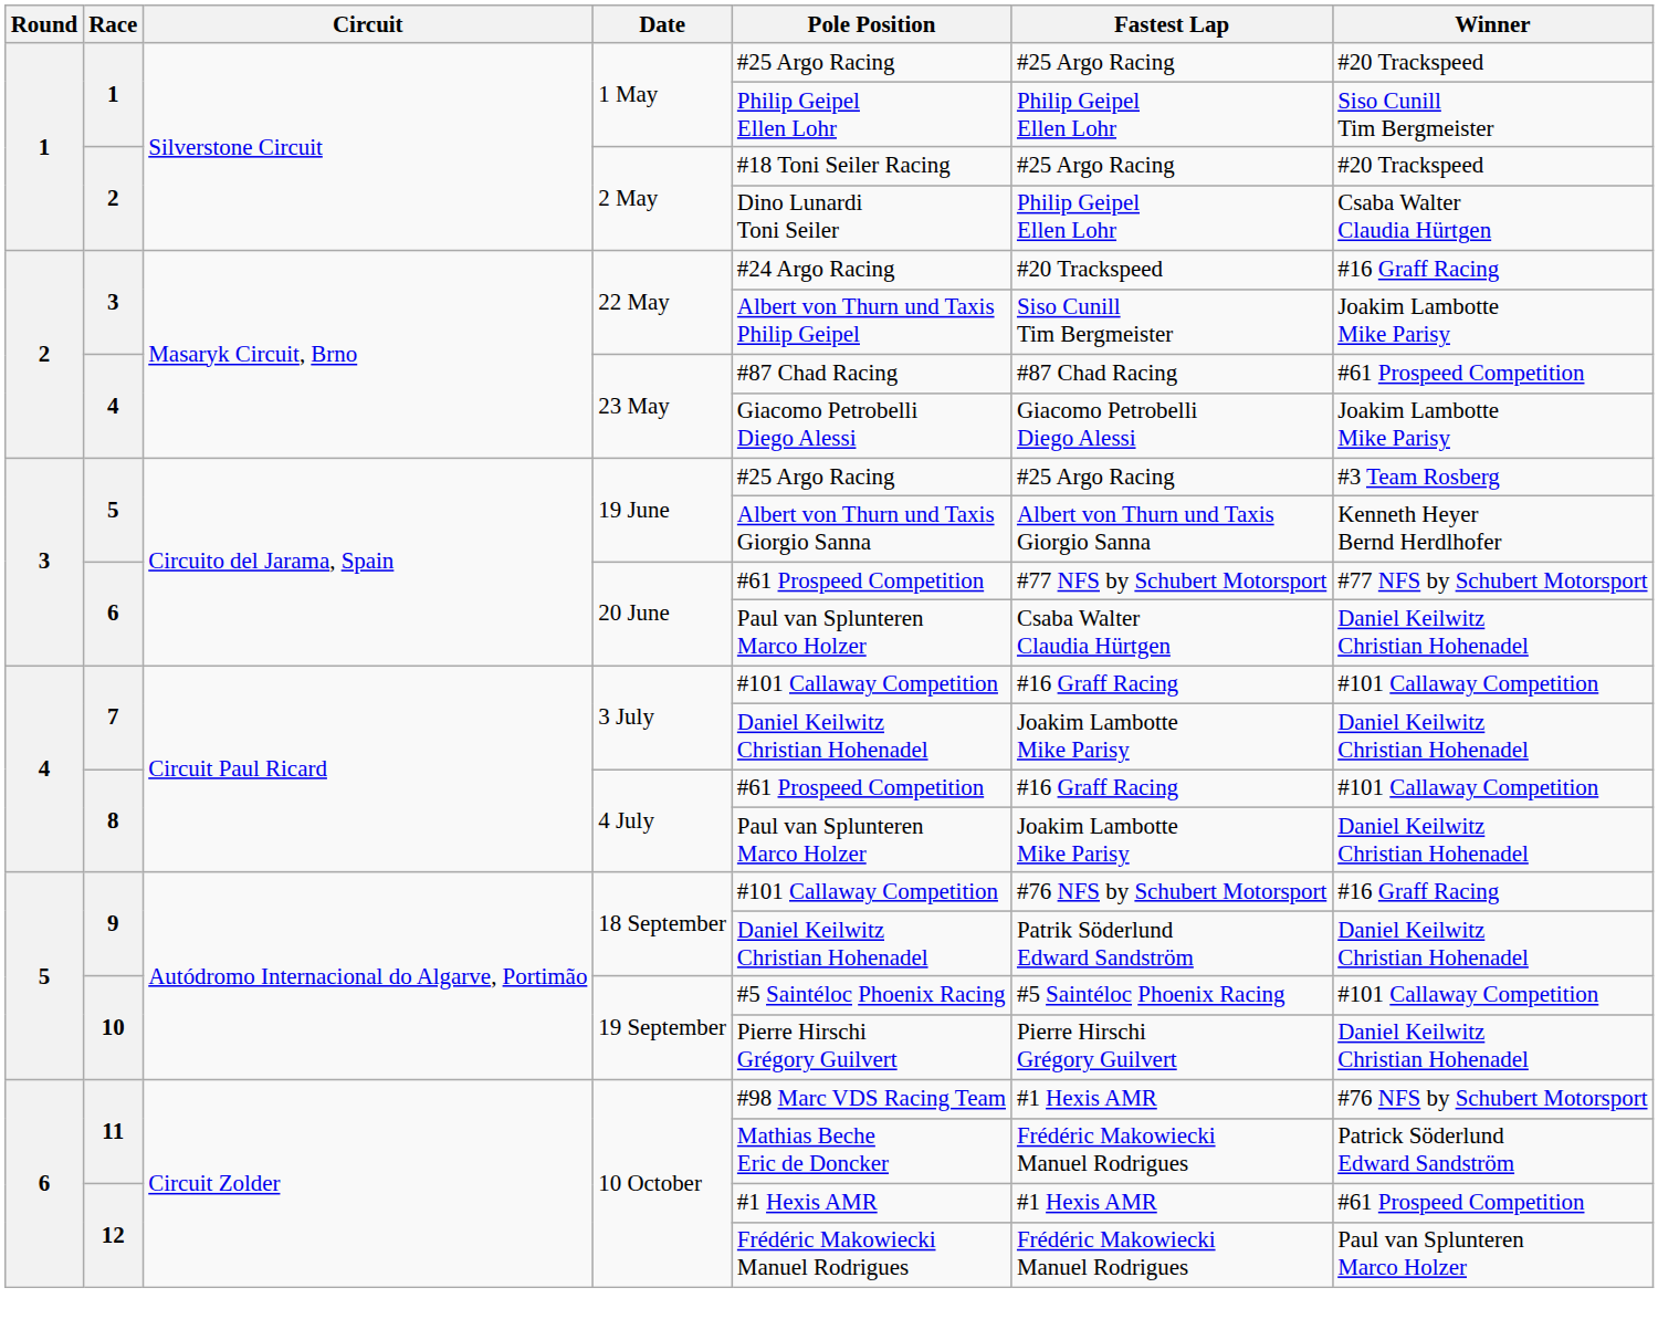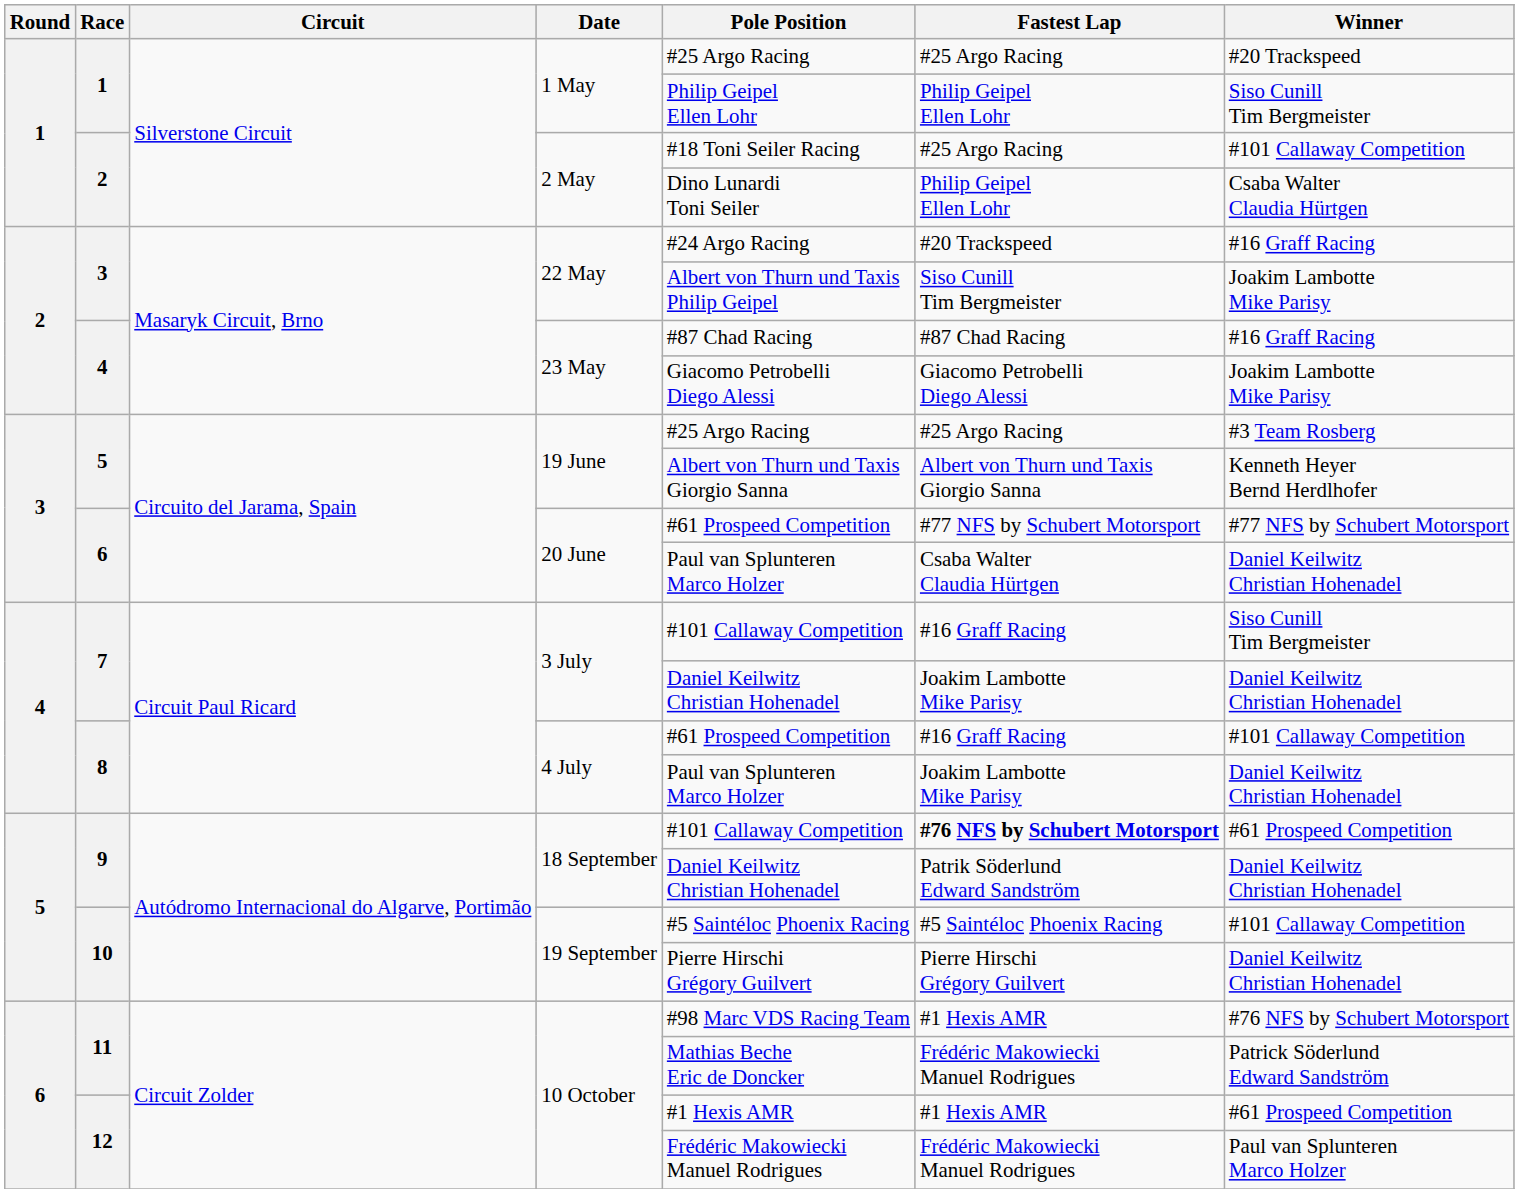 <table class="wikitable" style="font-size: 85%;">
 <tr>
 <th>Round</th>
 <th>Race</th>
 <th>Circuit</th>
 <th>Date</th>
 <th>Pole Position</th>
 <th>Fastest Lap</th>
 <th>Winner</th>
 </tr>
 <tr>
 <th rowspan=4>1</th>
 <th rowspan=2>1</th>
 <td rowspan=4> <a href='#'>Silverstone Circuit</a></td>
 <td rowspan=2>1 May</td>
 <td>#25 Argo Racing</td>
 <td>#25 Argo Racing</td>
 <td>#20 Trackspeed</td>
 </tr>
 <tr>
 <td> <a href='#'>Philip Geipel</a><br> <a href='#'>Ellen Lohr</a></td>
 <td> <a href='#'>Philip Geipel</a><br> <a href='#'>Ellen Lohr</a></td>
 <td> <a href='#'>Siso Cunill</a><br> Tim Bergmeister</td>
 </tr>
 <tr>
 <th rowspan=2>2</th>
 <td rowspan=2>2 May</td>
 <td>#18 Toni Seiler Racing</td>
 <td>#25 Argo Racing</td>
-<td>#20 Trackspeed</td>
+<td>#101 <a href='#'>Callaway Competition</a></td>
 </tr>
 <tr>
 <td> Dino Lunardi<br> Toni Seiler</td>
 <td> <a href='#'>Philip Geipel</a><br> <a href='#'>Ellen Lohr</a></td>
 <td> Csaba Walter<br> <a href='#'>Claudia Hürtgen</a></td>
 </tr>
 <tr>
 <th rowspan=4>2</th>
 <th rowspan=2>3</th>
 <td rowspan=4> <a href='#'>Masaryk Circuit</a>, <a href='#'>Brno</a></td>
 <td rowspan=2>22 May</td>
 <td>#24 Argo Racing</td>
 <td>#20 Trackspeed</td>
 <td>#16 <a href='#'>Graff Racing</a></td>
 </tr>
 <tr>
 <td> <a href='#'>Albert von Thurn und Taxis</a><br> <a href='#'>Philip Geipel</a></td>
 <td> <a href='#'>Siso Cunill</a><br> Tim Bergmeister</td>
 <td> Joakim Lambotte<br> <a href='#'>Mike Parisy</a></td>
 </tr>
 <tr>
 <th rowspan=2>4</th>
 <td rowspan=2>23 May</td>
 <td>#87 Chad Racing</td>
 <td>#87 Chad Racing</td>
-<td>#61 <a href='#'>Prospeed Competition</a></td>
+<td>#16 <a href='#'>Graff Racing</a></td>
 </tr>
 <tr>
 <td> Giacomo Petrobelli<br> <a href='#'>Diego Alessi</a></td>
 <td> Giacomo Petrobelli<br> <a href='#'>Diego Alessi</a></td>
 <td> Joakim Lambotte<br> <a href='#'>Mike Parisy</a></td>
 </tr>
 <tr>
 <th rowspan=4>3</th>
 <th rowspan=2>5</th>
 <td rowspan=4> <a href='#'>Circuito del Jarama</a>, <a href='#'>Spain</a></td>
 <td rowspan=2>19 June</td>
 <td>#25 Argo Racing</td>
 <td>#25 Argo Racing</td>
 <td>#3 <a href='#'>Team Rosberg</a></td>
 </tr>
 <tr>
 <td> <a href='#'>Albert von Thurn und Taxis</a><br> Giorgio Sanna</td>
 <td> <a href='#'>Albert von Thurn und Taxis</a><br> Giorgio Sanna</td>
 <td> Kenneth Heyer<br> Bernd Herdlhofer</td>
 </tr>
 <tr>
 <th rowspan=2>6</th>
 <td rowspan=2>20 June</td>
 <td>#61 <a href='#'>Prospeed Competition</a></td>
 <td>#77 <a href='#'>NFS</a> by <a href='#'>Schubert Motorsport</a></td>
 <td>#77 <a href='#'>NFS</a> by <a href='#'>Schubert Motorsport</a></td>
 </tr>
 <tr>
 <td> Paul van Splunteren<br> <a href='#'>Marco Holzer</a></td>
 <td> Csaba Walter<br> <a href='#'>Claudia Hürtgen</a></td>
 <td> <a href='#'>Daniel Keilwitz</a><br> <a href='#'>Christian Hohenadel</a></td>
 </tr>
 <tr>
 <th rowspan=4>4</th>
 <th rowspan=2>7</th>
 <td rowspan=4> <a href='#'>Circuit Paul Ricard</a></td>
 <td rowspan=2>3 July</td>
 <td>#101 <a href='#'>Callaway Competition</a></td>
 <td>#16 <a href='#'>Graff Racing</a></td>
-<td>#101 <a href='#'>Callaway Competition</a></td>
+<td> <a href='#'>Siso Cunill</a><br> Tim Bergmeister</td>
 </tr>
 <tr>
 <td> <a href='#'>Daniel Keilwitz</a><br> <a href='#'>Christian Hohenadel</a></td>
 <td> Joakim Lambotte<br> <a href='#'>Mike Parisy</a></td>
 <td> <a href='#'>Daniel Keilwitz</a><br> <a href='#'>Christian Hohenadel</a></td>
 </tr>
 <tr>
 <th rowspan=2>8</th>
 <td rowspan=2>4 July</td>
 <td>#61 <a href='#'>Prospeed Competition</a></td>
 <td>#16 <a href='#'>Graff Racing</a></td>
 <td>#101 <a href='#'>Callaway Competition</a></td>
 </tr>
 <tr>
 <td> Paul van Splunteren<br> <a href='#'>Marco Holzer</a></td>
 <td> Joakim Lambotte<br> <a href='#'>Mike Parisy</a></td>
 <td> <a href='#'>Daniel Keilwitz</a><br> <a href='#'>Christian Hohenadel</a></td>
 </tr>
 <tr>
 <th rowspan=4>5</th>
 <th rowspan=2>9</th>
 <td rowspan=4> <a href='#'>Autódromo Internacional do Algarve</a>, <a href='#'>Portimão</a></td>
 <td rowspan=2>18 September</td>
 <td>#101 <a href='#'>Callaway Competition</a></td>
-<td>#76 <a href='#'>NFS</a> by <a href='#'>Schubert Motorsport</a></td>
-<td>#16 <a href='#'>Graff Racing</a></td>
+<td><strong>#76 <a href='#'>NFS</a> by <a href='#'>Schubert Motorsport</a></strong></td>
+<td>#61 <a href='#'>Prospeed Competition</a></td>
 </tr>
 <tr>
 <td> <a href='#'>Daniel Keilwitz</a><br> <a href='#'>Christian Hohenadel</a></td>
 <td> Patrik Söderlund<br> <a href='#'>Edward Sandström</a></td>
 <td> <a href='#'>Daniel Keilwitz</a><br> <a href='#'>Christian Hohenadel</a></td>
 </tr>
 <tr>
 <th rowspan=2>10</th>
 <td rowspan=2>19 September</td>
 <td>#5 <a href='#'>Saintéloc</a> <a href='#'>Phoenix Racing</a></td>
 <td>#5 <a href='#'>Saintéloc</a> <a href='#'>Phoenix Racing</a></td>
 <td>#101 <a href='#'>Callaway Competition</a></td>
 </tr>
 <tr>
 <td> Pierre Hirschi<br> <a href='#'>Grégory Guilvert</a></td>
 <td> Pierre Hirschi<br> <a href='#'>Grégory Guilvert</a></td>
 <td> <a href='#'>Daniel Keilwitz</a><br> <a href='#'>Christian Hohenadel</a></td>
 </tr>
 <tr>
 <th rowspan=4>6</th>
 <th rowspan=2>11</th>
 <td rowspan=4> <a href='#'>Circuit Zolder</a></td>
 <td rowspan=4>10 October</td>
 <td>#98 <a href='#'>Marc VDS Racing Team</a></td>
 <td>#1 <a href='#'>Hexis AMR</a></td>
 <td>#76 <a href='#'>NFS</a> by <a href='#'>Schubert Motorsport</a></td>
 </tr>
 <tr>
 <td> <a href='#'>Mathias Beche</a><br> <a href='#'>Eric de Doncker</a></td>
 <td> <a href='#'>Frédéric Makowiecki</a><br> Manuel Rodrigues</td>
 <td> Patrick Söderlund<br> <a href='#'>Edward Sandström</a></td>
 </tr>
 <tr>
 <th rowspan=2>12</th>
 <td>#1 <a href='#'>Hexis AMR</a></td>
 <td>#1 <a href='#'>Hexis AMR</a></td>
 <td>#61 <a href='#'>Prospeed Competition</a></td>
 </tr>
 <tr>
 <td> <a href='#'>Frédéric Makowiecki</a><br> Manuel Rodrigues</td>
 <td> <a href='#'>Frédéric Makowiecki</a><br> Manuel Rodrigues</td>
 <td> Paul van Splunteren<br> <a href='#'>Marco Holzer</a></td>
 </tr>
 </table>
